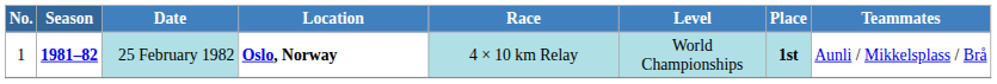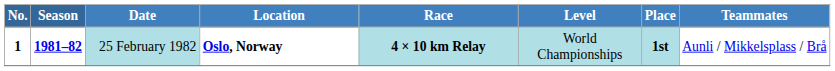 <table class="wikitable sortable" style="font-size:95%; text-align:center; border:grey solid 1px; border-collapse:collapse; background:#ffffff;">
 <tr style="background:#efefef;">
 <th style="background-color:#369; color:white;">No.</th>
 <th style="background-color:#369; color:white;">Season</th>
 <th style="background-color:#4180be; color:white; width:120px;">Date</th>
 <th style="background-color:#4180be; color:white; width:170px;">Location</th>
 <th style="background-color:#4180be; color:white; width:170px;">Race</th>
 <th style="background-color:#4180be; color:white; width:130px;">Level</th>
 <th style="background-color:#4180be; color:white;">Place</th>
 <th style="background-color:#4180be; color:white;">Teammates</th>
 </tr>
 <tr>
-<td align=center>1</td>
+<td align=center><strong>1</strong></td>
 <td rowspan=1 align=center><strong><a href='#'>1981–82</a></strong></td>
 <td bgcolor="#BOEOE6" align=right>25 February 1982</td>
 <td align=left><strong> <a href='#'>Oslo</a>, Norway</strong></td>
-<td bgcolor="#BOEOE6">4 × 10 km Relay</td>
+<td bgcolor="#BOEOE6"><strong>4 × 10 km Relay</strong></td>
 <td bgcolor="#BOEOE6">World Championships</td>
 <td bgcolor="#BOEOE6"><strong>1st</strong></td>
 <td><a href='#'>Aunli</a> / <a href='#'>Mikkelsplass</a> / <a href='#'>Brå</a></td>
 </tr>
 <tr>
 </tr>
 </table>
